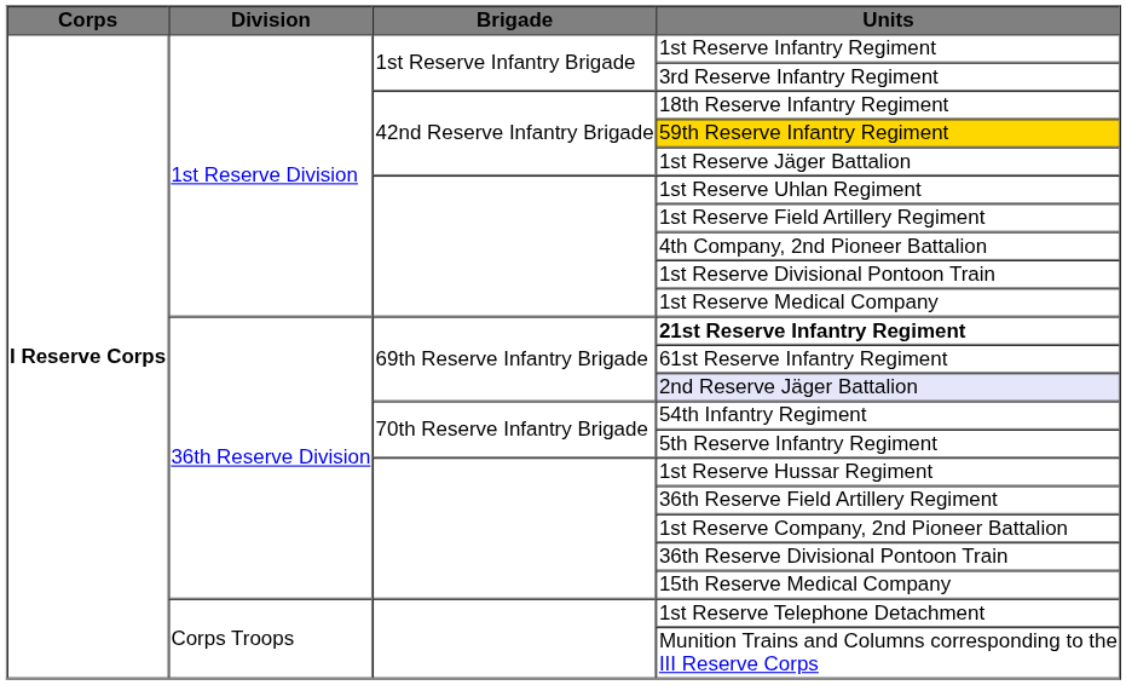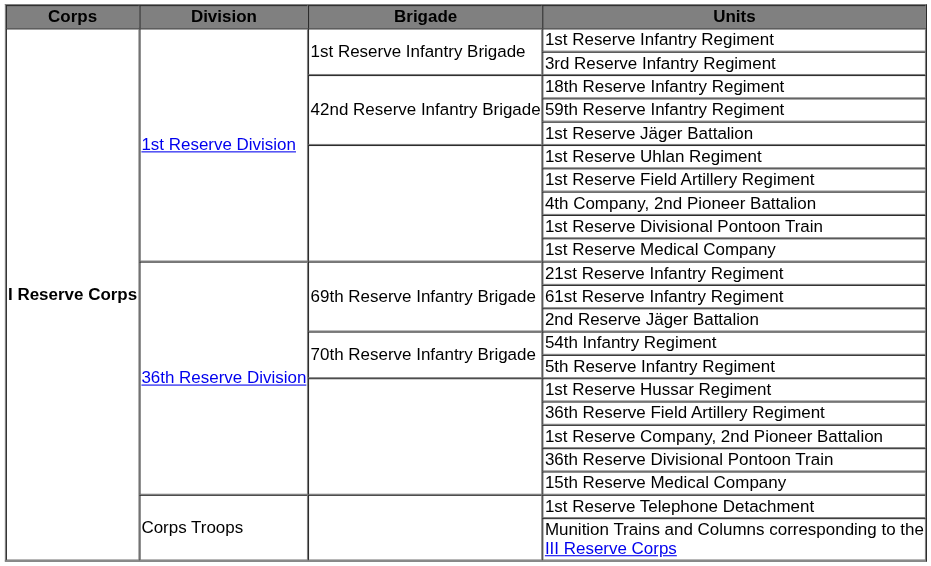 <table style="float: right;" border="1" cellpadding="1" cellspacing="0" style="font-size: 100%; border: gray solid 1px; border-collapse: collapse; text-align: center;">
 <tr style="background-color:grey; color:black;">
 <th>Corps</th>
 <th>Division</th>
 <th>Brigade</th>
 <th>Units</th>
 </tr>
 <tr>
 <td ROWSPAN=22><strong>I Reserve Corps</strong></td>
 <td ROWSPAN=10><a href='#'>1st Reserve Division</a></td>
 <td ROWSPAN=2>1st Reserve Infantry Brigade</td>
 <td>1st Reserve Infantry Regiment</td>
 </tr>
 <tr>
 <td>3rd Reserve Infantry Regiment</td>
 </tr>
 <tr>
 <td ROWSPAN=3>42nd Reserve Infantry Brigade</td>
 <td>18th Reserve Infantry Regiment</td>
 </tr>
 <tr>
-<td style="background: gold;">59th Reserve Infantry Regiment</td>
+<td>59th Reserve Infantry Regiment</td>
 </tr>
 <tr>
 <td>1st Reserve Jäger Battalion</td>
 </tr>
 <tr>
 <td ROWSPAN=5></td>
 <td>1st Reserve Uhlan Regiment</td>
 </tr>
 <tr>
 <td>1st Reserve Field Artillery Regiment</td>
 </tr>
 <tr>
 <td>4th Company, 2nd Pioneer Battalion</td>
 </tr>
 <tr>
 <td>1st Reserve Divisional Pontoon Train</td>
 </tr>
 <tr>
 <td>1st Reserve Medical Company</td>
 </tr>
 <tr>
 <td ROWSPAN=10><a href='#'>36th Reserve Division</a></td>
 <td ROWSPAN=3>69th Reserve Infantry Brigade</td>
-<td><strong>21st Reserve Infantry Regiment</strong></td>
+<td>21st Reserve Infantry Regiment</td>
 </tr>
 <tr>
 <td>61st Reserve Infantry Regiment</td>
 </tr>
 <tr>
-<td style="background: lavender;">2nd Reserve Jäger Battalion</td>
+<td>2nd Reserve Jäger Battalion</td>
 </tr>
 <tr>
 <td ROWSPAN=2>70th Reserve Infantry Brigade</td>
 <td>54th Infantry Regiment</td>
 </tr>
 <tr>
 <td>5th Reserve Infantry Regiment</td>
 </tr>
 <tr>
 <td ROWSPAN=5></td>
 <td>1st Reserve Hussar Regiment</td>
 </tr>
 <tr>
 <td>36th Reserve Field Artillery Regiment</td>
 </tr>
 <tr>
 <td>1st Reserve Company, 2nd Pioneer Battalion</td>
 </tr>
 <tr>
 <td>36th Reserve Divisional Pontoon Train</td>
 </tr>
 <tr>
 <td>15th Reserve Medical Company</td>
 </tr>
 <tr>
 <td ROWSPAN=2>Corps Troops</td>
 <td ROWSPAN=2></td>
 <td>1st Reserve Telephone Detachment</td>
 </tr>
 <tr>
 <td>Munition Trains and Columns corresponding to the<br><a href='#'>III Reserve Corps</a></td>
 </tr>
 </table>
